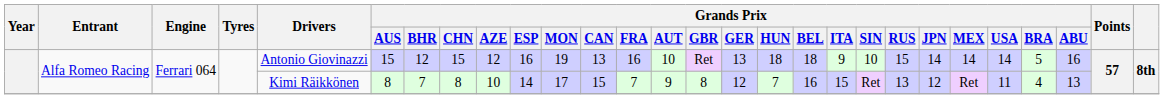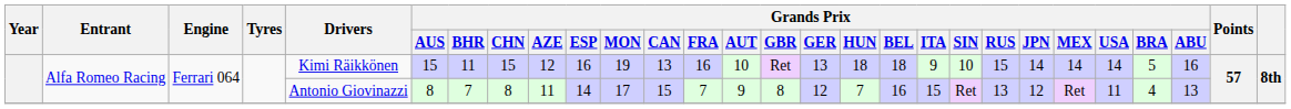 <table class="wikitable" style="text-align:center; font-size:90%">
 <tr>
 <th rowspan="2">Year</th>
 <th rowspan="2">Entrant</th>
 <th rowspan="2">Engine</th>
 <th rowspan="2">Tyres</th>
 <th rowspan="2">Drivers</th>
 <th colspan="21">Grands Prix</th>
 <th rowspan="2">Points</th>
 <th rowspan="2"></th>
 </tr>
 <tr>
 <th><a href='#'>AUS</a></th>
 <th><a href='#'>BHR</a></th>
 <th><a href='#'>CHN</a></th>
 <th><a href='#'>AZE</a></th>
 <th><a href='#'>ESP</a></th>
 <th><a href='#'>MON</a></th>
 <th><a href='#'>CAN</a></th>
 <th><a href='#'>FRA</a></th>
 <th><a href='#'>AUT</a></th>
 <th><a href='#'>GBR</a></th>
 <th><a href='#'>GER</a></th>
 <th><a href='#'>HUN</a></th>
 <th><a href='#'>BEL</a></th>
 <th><a href='#'>ITA</a></th>
 <th><a href='#'>SIN</a></th>
 <th><a href='#'>RUS</a></th>
 <th><a href='#'>JPN</a></th>
 <th><a href='#'>MEX</a></th>
 <th><a href='#'>USA</a></th>
 <th><a href='#'>BRA</a></th>
 <th><a href='#'>ABU</a></th>
 </tr>
 <tr>
 <th rowspan="2"></th>
 <td rowspan="2"><a href='#'>Alfa Romeo Racing</a></td>
 <td rowspan="2"><a href='#'>Ferrari</a> 064</td>
 <td rowspan="2"></td>
-<td> <a href='#'>Antonio Giovinazzi</a></td>
+<td align="center"> <a href='#'>Kimi Räikkönen</a></td>
 <td style="background:#CFCFFF;">15</td>
-<td style="background:#CFCFFF;">12</td>
+<td style="background:#CFCFFF;">11</td>
 <td style="background:#CFCFFF;">15</td>
 <td style="background:#CFCFFF;">12</td>
 <td style="background:#CFCFFF;">16</td>
 <td style="background:#CFCFFF;">19</td>
 <td style="background:#CFCFFF;">13</td>
 <td style="background:#CFCFFF;">16</td>
 <td style="background:#DFFFDF;">10</td>
 <td style="background:#EFCFFF;">Ret</td>
 <td style="background:#CFCFFF;">13</td>
 <td style="background:#CFCFFF;">18</td>
 <td style="background:#CFCFFF;">18</td>
 <td style="background:#DFFFDF;">9</td>
 <td style="background:#DFFFDF;">10</td>
 <td style="background:#CFCFFF;">15</td>
 <td style="background:#CFCFFF;">14</td>
 <td style="background:#CFCFFF;">14</td>
 <td style="background:#CFCFFF;">14</td>
 <td style="background:#DFFFDF;">5</td>
 <td style="background:#CFCFFF;">16</td>
 <th rowspan="2">57</th>
 <th rowspan="2">8th</th>
 </tr>
 <tr>
-<td align="center"> <a href='#'>Kimi Räikkönen</a></td>
+<td> <a href='#'>Antonio Giovinazzi</a></td>
 <td style="background:#DFFFDF;">8</td>
 <td style="background:#DFFFDF;">7</td>
 <td style="background:#DFFFDF;">8</td>
-<td style="background:#DFFFDF;">10</td>
+<td style="background:#DFFFDF;">11</td>
 <td style="background:#CFCFFF;">14</td>
 <td style="background:#CFCFFF;">17</td>
 <td style="background:#CFCFFF;">15</td>
 <td style="background:#DFFFDF;">7</td>
 <td style="background:#DFFFDF;">9</td>
 <td style="background:#DFFFDF;">8</td>
 <td style="background:#CFCFFF;">12</td>
 <td style="background:#DFFFDF;">7</td>
 <td style="background:#CFCFFF;">16</td>
 <td style="background:#CFCFFF;">15</td>
 <td style="background:#EFCFFF;">Ret</td>
 <td style="background:#CFCFFF;">13</td>
 <td style="background:#CFCFFF;">12</td>
 <td style="background:#EFCFFF;">Ret</td>
 <td style="background:#CFCFFF;">11</td>
 <td style="background:#DFFFDF;">4</td>
 <td style="background:#CFCFFF;">13</td>
 </tr>
 <tr>
 </tr>
 </table>
